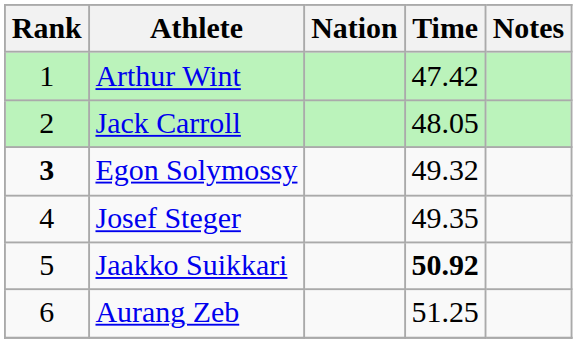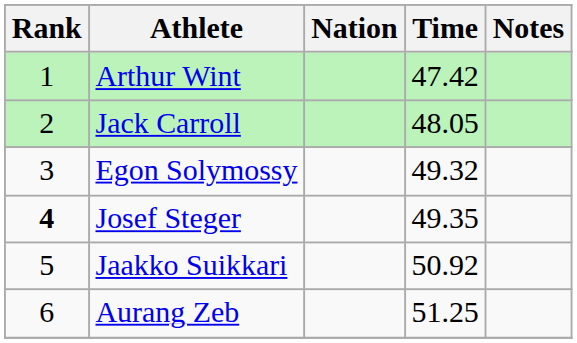 <table class="wikitable sortable" style="text-align:center">
 <tr>
 <th>Rank</th>
 <th>Athlete</th>
 <th>Nation</th>
 <th>Time</th>
 <th>Notes</th>
 </tr>
 <tr bgcolor=bbf3bb>
 <td>1</td>
 <td align=left><a href='#'>Arthur Wint</a></td>
 <td align=left></td>
 <td>47.42</td>
 <td></td>
 </tr>
 <tr bgcolor=bbf3bb>
 <td>2</td>
 <td align=left><a href='#'>Jack Carroll</a></td>
 <td align=left></td>
 <td>48.05</td>
 <td></td>
 </tr>
 <tr>
-<td><strong>3</strong></td>
+<td>3</td>
 <td align=left><a href='#'>Egon Solymossy</a></td>
 <td align=left></td>
 <td>49.32</td>
 <td></td>
 </tr>
 <tr>
-<td>4</td>
+<td><strong>4</strong></td>
 <td align=left><a href='#'>Josef Steger</a></td>
 <td align=left></td>
 <td>49.35</td>
 <td></td>
 </tr>
 <tr>
 <td>5</td>
 <td align=left><a href='#'>Jaakko Suikkari</a></td>
 <td align=left></td>
-<td><strong>50.92</strong></td>
+<td>50.92</td>
 <td></td>
 </tr>
 <tr>
 <td>6</td>
 <td align=left><a href='#'>Aurang Zeb</a></td>
 <td align=left></td>
 <td>51.25</td>
 <td></td>
 </tr>
 <tr>
 </tr>
 </table>
